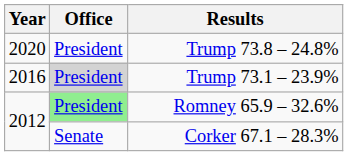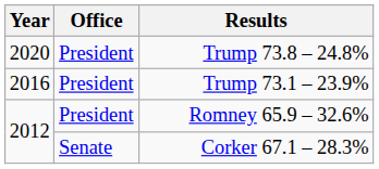 <table class=wikitable>
 <tr>
 <th width="30">Year</th>
 <th width="60">Office</th>
 <th width="180">Results</th>
 </tr>
 <tr>
 <td>2020</td>
 <td><a href='#'>President</a></td>
 <td align="right" ><a href='#'>Trump</a> 73.8 – 24.8%</td>
 </tr>
 <tr>
 <td>2016</td>
-<td style="background: lightgrey;"><a href='#'>President</a></td>
+<td><a href='#'>President</a></td>
 <td align="right" ><a href='#'>Trump</a> 73.1 – 23.9%</td>
 </tr>
 <tr>
 <td rowspan="2">2012</td>
-<td style="background: lightgreen;"><a href='#'>President</a></td>
+<td><a href='#'>President</a></td>
 <td align="right" ><a href='#'>Romney</a> 65.9 – 32.6%</td>
 </tr>
 <tr>
 <td><a href='#'>Senate</a></td>
 <td align="right" ><a href='#'>Corker</a> 67.1 – 28.3%</td>
 </tr>
 </table>
